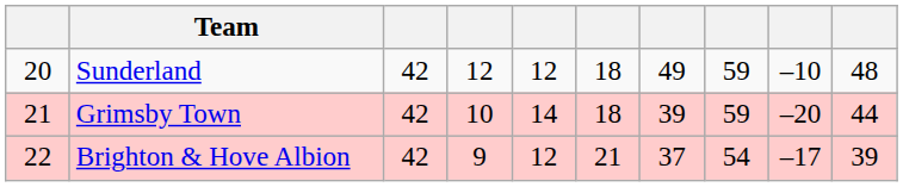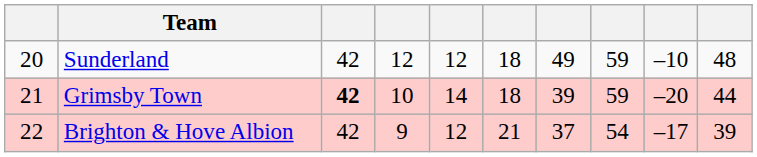 <table class="wikitable" style="text-align:center">
 <tr>
 <th width="30"></th>
 <th width="175">Team</th>
 <th width="30"></th>
 <th width="30"></th>
 <th width="30"></th>
 <th width="30"></th>
 <th width="30"></th>
 <th width="30"></th>
 <th width="30"></th>
 <th width="30"></th>
 </tr>
 <tr>
 <td>20</td>
 <td align=left><a href='#'>Sunderland</a></td>
 <td>42</td>
 <td>12</td>
 <td>12</td>
 <td>18</td>
 <td>49</td>
 <td>59</td>
 <td>–10</td>
 <td>48</td>
 </tr>
 <tr bgcolor="FFCCCC">
 <td>21</td>
 <td align=left><a href='#'>Grimsby Town</a></td>
-<td>42</td>
+<td><strong>42</strong></td>
 <td>10</td>
 <td>14</td>
 <td>18</td>
 <td>39</td>
 <td>59</td>
 <td>–20</td>
 <td>44</td>
 </tr>
 <tr bgcolor="FFCCCC">
 <td>22</td>
 <td align=left><a href='#'>Brighton & Hove Albion</a></td>
 <td>42</td>
 <td>9</td>
 <td>12</td>
 <td>21</td>
 <td>37</td>
 <td>54</td>
 <td>–17</td>
 <td>39</td>
 </tr>
 </table>
